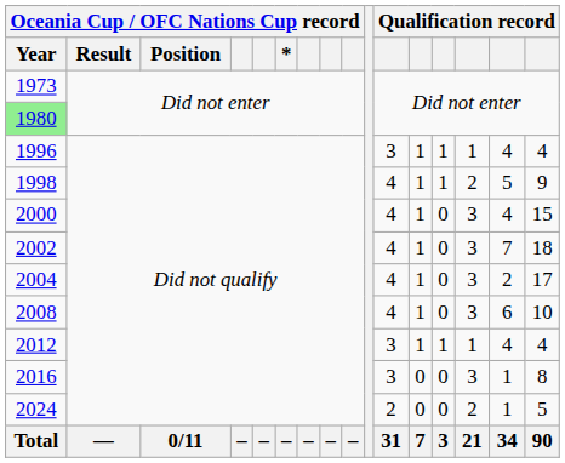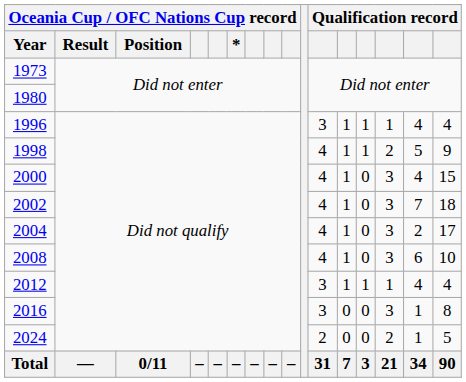 <table class="wikitable" style="text-align: center;">
 <tr>
 <th colspan=9><a href='#'>Oceania Cup / OFC Nations Cup</a> record</th>
 <th rowspan="26"></th>
 <th colspan=6>Qualification record</th>
 </tr>
 <tr>
 <th>Year</th>
 <th>Result</th>
 <th>Position</th>
 <th></th>
 <th></th>
 <th>*</th>
 <th></th>
 <th></th>
 <th></th>
 <th></th>
 <th></th>
 <th></th>
 <th></th>
 <th></th>
 <th></th>
 </tr>
 <tr>
 <td> <a href='#'>1973</a></td>
 <td colspan=8 rowspan=2><em>Did not enter</em></td>
 <td colspan=6 rowspan=2><em>Did not enter</em></td>
 </tr>
 <tr>
-<td style="background: lightgreen;"> <a href='#'>1980</a></td>
+<td> <a href='#'>1980</a></td>
 </tr>
 <tr>
 <td> <a href='#'>1996</a></td>
 <td colspan=8 rowspan=9><em>Did not qualify</em></td>
 <td>3</td>
 <td>1</td>
 <td>1</td>
 <td>1</td>
 <td>4</td>
 <td>4</td>
 </tr>
 <tr>
 <td> <a href='#'>1998</a></td>
 <td>4</td>
 <td>1</td>
 <td>1</td>
 <td>2</td>
 <td>5</td>
 <td>9</td>
 </tr>
 <tr>
 <td> <a href='#'>2000</a></td>
 <td>4</td>
 <td>1</td>
 <td>0</td>
 <td>3</td>
 <td>4</td>
 <td>15</td>
 </tr>
 <tr>
 <td> <a href='#'>2002</a></td>
 <td>4</td>
 <td>1</td>
 <td>0</td>
 <td>3</td>
 <td>7</td>
 <td>18</td>
 </tr>
 <tr>
 <td> <a href='#'>2004</a></td>
 <td>4</td>
 <td>1</td>
 <td>0</td>
 <td>3</td>
 <td>2</td>
 <td>17</td>
 </tr>
 <tr>
 <td> <a href='#'>2008</a></td>
 <td>4</td>
 <td>1</td>
 <td>0</td>
 <td>3</td>
 <td>6</td>
 <td>10</td>
 </tr>
 <tr>
 <td> <a href='#'>2012</a></td>
 <td>3</td>
 <td>1</td>
 <td>1</td>
 <td>1</td>
 <td>4</td>
 <td>4</td>
 </tr>
 <tr>
 <td> <a href='#'>2016</a></td>
 <td>3</td>
 <td>0</td>
 <td>0</td>
 <td>3</td>
 <td>1</td>
 <td>8</td>
 </tr>
 <tr>
 <td>  <a href='#'>2024</a></td>
 <td>2</td>
 <td>0</td>
 <td>0</td>
 <td>2</td>
 <td>1</td>
 <td>5</td>
 </tr>
 <tr>
 <th>Total</th>
 <th>—</th>
 <th>0/11</th>
 <th>–</th>
 <th>–</th>
 <th>–</th>
 <th>–</th>
 <th>–</th>
 <th>–</th>
 <th>31</th>
 <th>7</th>
 <th>3</th>
 <th>21</th>
 <th>34</th>
 <th>90</th>
 </tr>
 </table>
